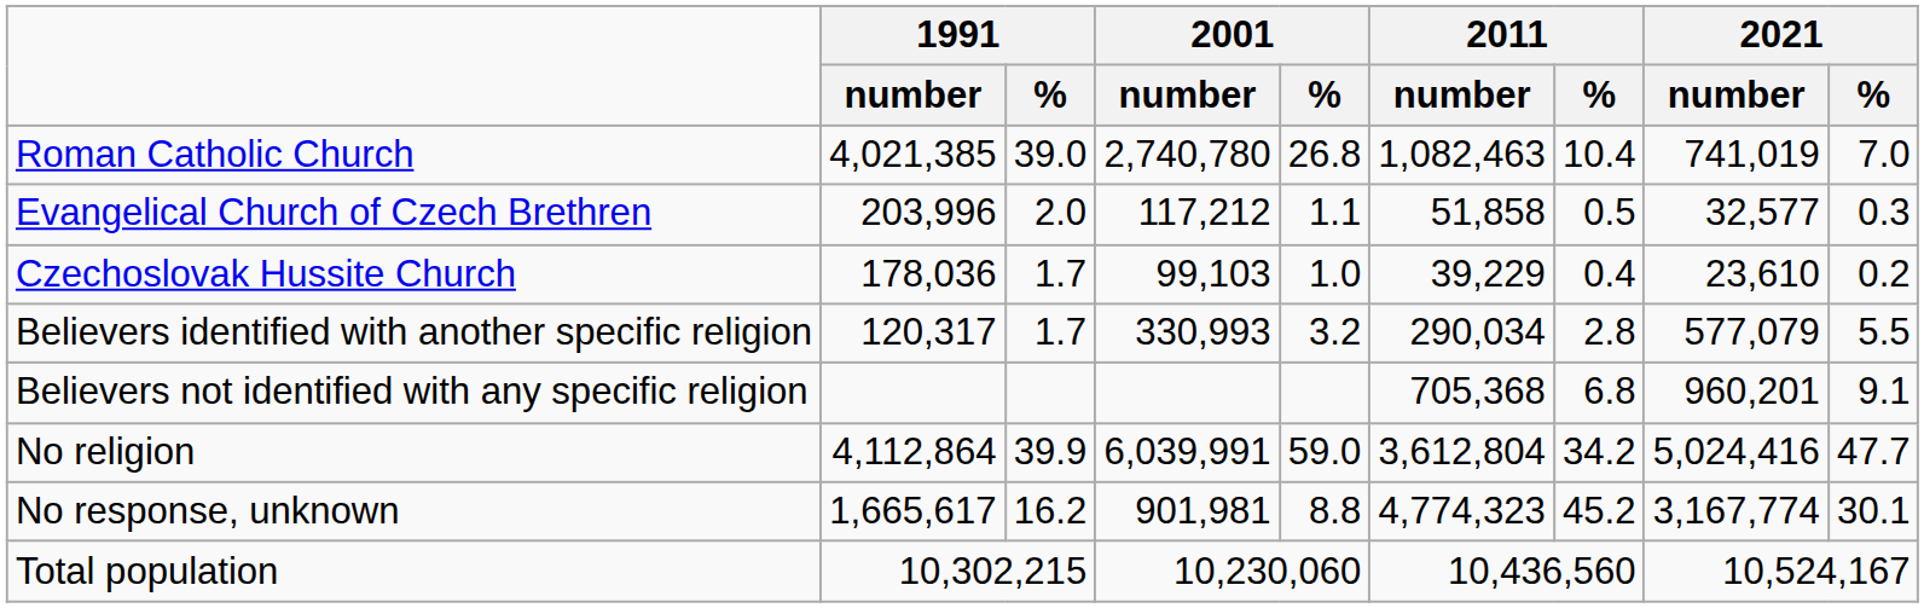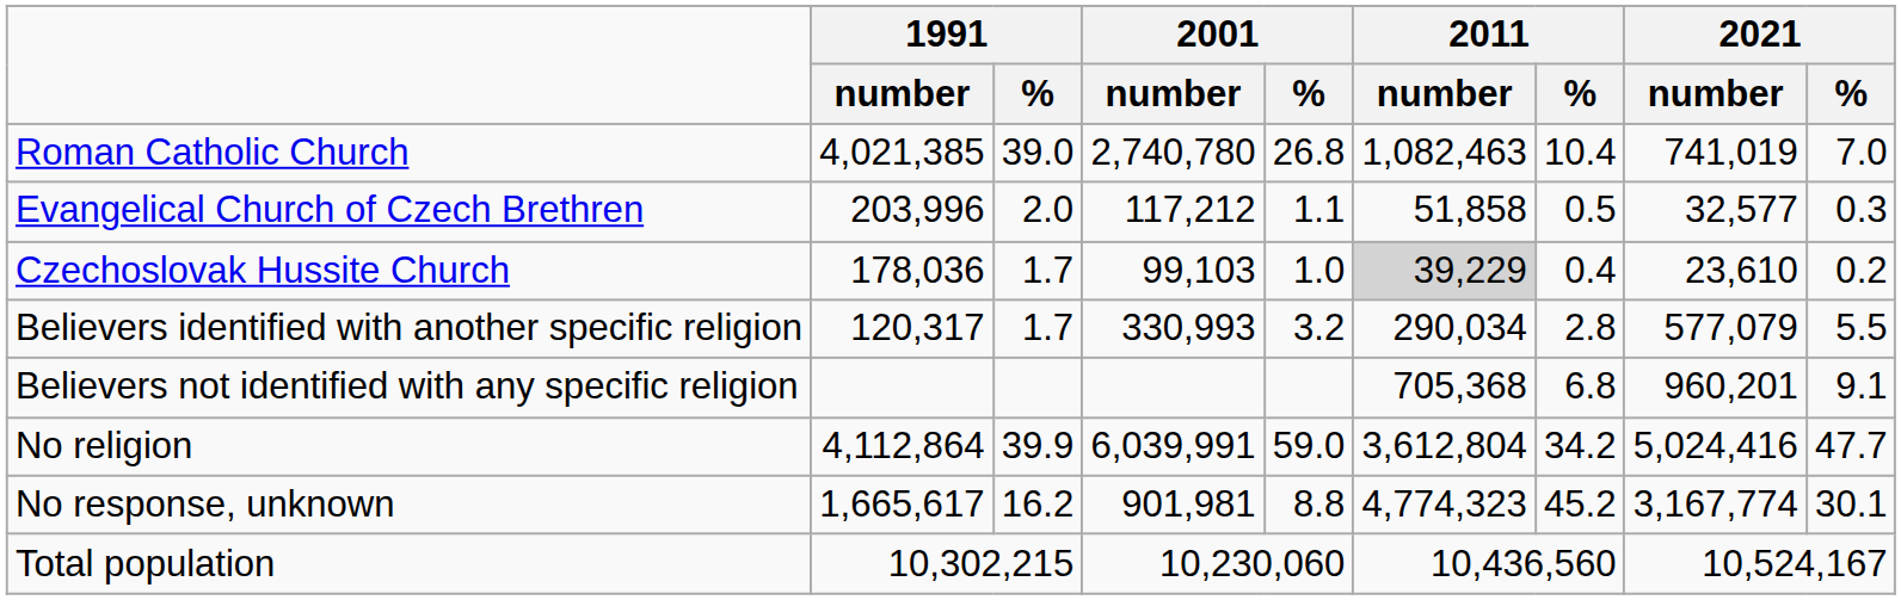 <table class="wikitable" style=" text-align:right; margin-left:20px; margin-right:20px;">
 <tr>
 <td rowspan=2></td>
 <th style="text-align:center;" colspan="2">1991</th>
 <th style="text-align:center;" colspan="2">2001</th>
 <th style="text-align:center;" colspan="2">2011</th>
 <th colspan="2">2021 </th>
 </tr>
 <tr>
 <th>number</th>
 <th>%</th>
 <th>number</th>
 <th>%</th>
 <th>number</th>
 <th>%</th>
 <th>number</th>
 <th>%</th>
 </tr>
 <tr>
 <td align=left><a href='#'>Roman Catholic Church</a></td>
 <td>4,021,385</td>
 <td>39.0</td>
 <td>2,740,780</td>
 <td>26.8</td>
 <td>1,082,463</td>
 <td>10.4</td>
 <td>741,019</td>
 <td>7.0</td>
 </tr>
 <tr>
 <td align=left><a href='#'>Evangelical Church of Czech Brethren</a></td>
 <td>203,996</td>
 <td>2.0</td>
 <td>117,212</td>
 <td>1.1</td>
 <td>51,858</td>
 <td>0.5</td>
 <td>32,577</td>
 <td>0.3</td>
 </tr>
 <tr>
 <td align=left><a href='#'>Czechoslovak Hussite Church</a></td>
 <td>178,036</td>
 <td>1.7</td>
 <td>99,103</td>
 <td>1.0</td>
-<td>39,229</td>
+<td style="background: lightgrey;">39,229</td>
 <td>0.4</td>
 <td>23,610</td>
 <td>0.2</td>
 </tr>
 <tr>
 <td align=left>Believers identified with another specific religion</td>
 <td>120,317</td>
 <td>1.7</td>
 <td>330,993</td>
 <td>3.2</td>
 <td>290,034</td>
 <td>2.8</td>
 <td>577,079</td>
 <td>5.5</td>
 </tr>
 <tr>
 <td align=left>Believers not identified with any specific religion</td>
 <td></td>
 <td></td>
 <td></td>
 <td></td>
 <td>705,368</td>
 <td>6.8</td>
 <td>960,201</td>
 <td>9.1</td>
 </tr>
 <tr>
 <td align=left>No religion</td>
 <td>4,112,864</td>
 <td>39.9</td>
 <td>6,039,991</td>
 <td>59.0</td>
 <td>3,612,804</td>
 <td>34.2</td>
 <td>5,024,416</td>
 <td>47.7</td>
 </tr>
 <tr>
 <td align=left>No response, unknown</td>
 <td>1,665,617</td>
 <td>16.2</td>
 <td>901,981</td>
 <td>8.8</td>
 <td>4,774,323</td>
 <td>45.2</td>
 <td>3,167,774</td>
 <td>30.1</td>
 </tr>
 <tr>
 <td align=left>Total population</td>
 <td colspan="2">10,302,215</td>
 <td colspan="2">10,230,060</td>
 <td colspan="2">10,436,560</td>
 <td colspan="2">10,524,167</td>
 </tr>
 </table>
